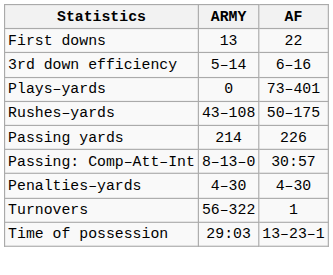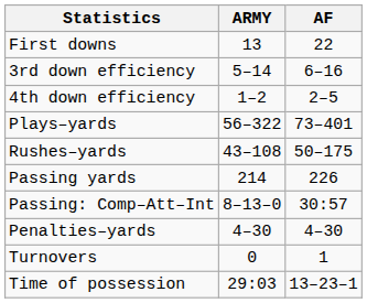 <table class="wikitable">
 <tr>
 <th>Statistics</th>
 <th>ARMY</th>
 <th>AF</th>
 </tr>
 <tr>
 <td>First downs</td>
 <td align=center>13</td>
 <td align=center>22</td>
 </tr>
 <tr>
 <td>3rd down efficiency</td>
 <td align=center>5–14</td>
 <td align=center>6–16</td>
 </tr>
 <tr>
+<td>4th down efficiency</td>
+<td align=center>1–2</td>
+<td align=center>2–5</td>
+</tr>
+<tr>
 <td>Plays–yards</td>
-<td align=center>0</td>
+<td align=center>56–322</td>
 <td align=center>73–401</td>
 </tr>
 <tr>
 <td>Rushes–yards</td>
 <td align=center>43–108</td>
 <td align=center>50–175</td>
 </tr>
 <tr>
 <td>Passing yards</td>
 <td align=center>214</td>
 <td align=center>226</td>
 </tr>
 <tr>
 <td>Passing: Comp–Att–Int</td>
 <td align=center>8–13–0</td>
 <td align=center>30:57</td>
 </tr>
 <tr>
 <td>Penalties–yards</td>
 <td align=center>4–30</td>
 <td align=center>4–30</td>
 </tr>
 <tr>
 <td>Turnovers</td>
-<td align=center>56–322</td>
+<td align=center>0</td>
 <td align=center>1</td>
 </tr>
 <tr>
 <td>Time of possession</td>
 <td align=center>29:03</td>
 <td align=center>13–23–1</td>
 </tr>
 </table>
